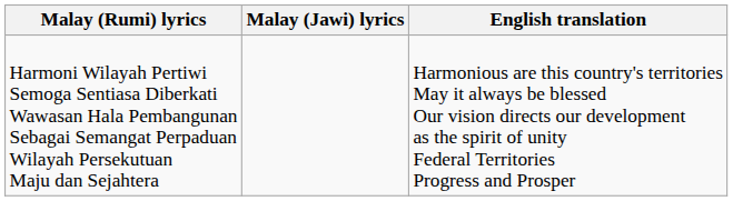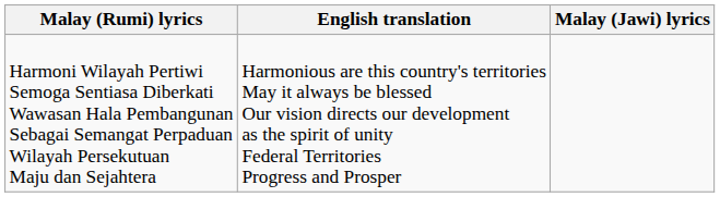 <table class="wikitable">
 <tr>
 <th>Malay (Rumi) lyrics</th>
+<th>English translation</th>
 <th>Malay (Jawi) lyrics</th>
-<th>English translation</th>
 </tr>
 <tr>
 <td><br>Harmoni Wilayah Pertiwi<br> Semoga Sentiasa Diberkati<br> Wawasan Hala Pembangunan<br> Sebagai Semangat Perpaduan<br> Wilayah Persekutuan<br> Maju dan Sejahtera</td>
+<td><br>Harmonious are this country's territories<br> May it always be blessed<br> Our vision directs our development<br> as the spirit of unity<br> Federal Territories<br> Progress and Prosper</td>
 <td><br></td>
-<td><br>Harmonious are this country's territories<br> May it always be blessed<br> Our vision directs our development<br> as the spirit of unity<br> Federal Territories<br> Progress and Prosper</td>
 </tr>
 </table>
